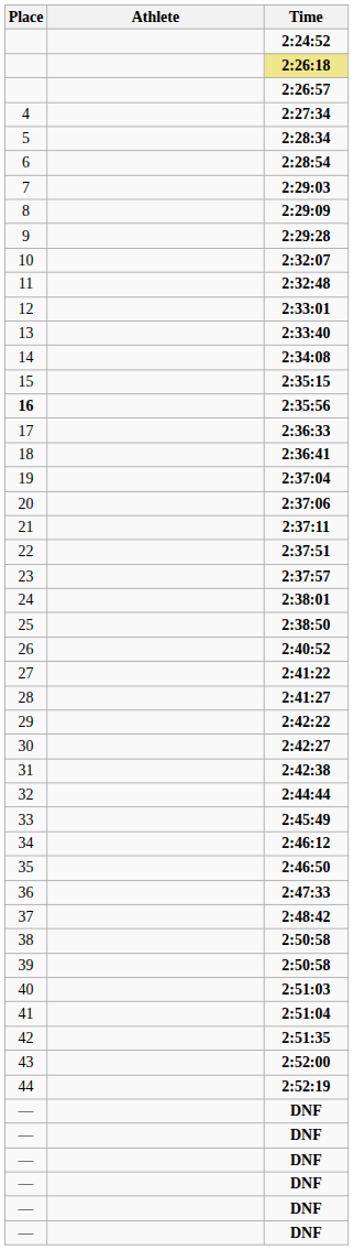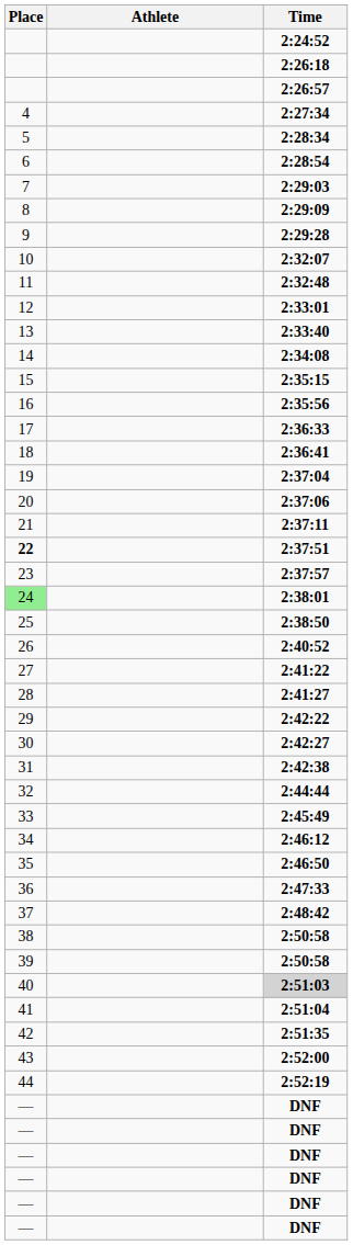 <table class=wikitable style="text-align:center">
 <tr>
 <th width=20>Place</th>
 <th width=220>Athlete</th>
 <th width=80>Time</th>
 </tr>
 <tr>
 <td align="center"></td>
 <td></td>
 <td align="center"><strong>2:24:52</strong></td>
 </tr>
 <tr>
 <td align="center"></td>
 <td></td>
-<td align="center" style="background: khaki;"><strong>2:26:18</strong></td>
+<td align="center"><strong>2:26:18</strong></td>
 </tr>
 <tr>
 <td align="center"></td>
 <td></td>
 <td align="center"><strong>2:26:57</strong></td>
 </tr>
 <tr>
 <td align="center">4</td>
 <td></td>
 <td align="center"><strong>2:27:34</strong></td>
 </tr>
 <tr>
 <td align="center">5</td>
 <td></td>
 <td align="center"><strong>2:28:34</strong></td>
 </tr>
 <tr>
 <td align="center">6</td>
 <td></td>
 <td align="center"><strong>2:28:54</strong></td>
 </tr>
 <tr>
 <td align="center">7</td>
 <td></td>
 <td align="center"><strong>2:29:03</strong></td>
 </tr>
 <tr>
 <td align="center">8</td>
 <td></td>
 <td align="center"><strong>2:29:09</strong></td>
 </tr>
 <tr>
 <td align="center">9</td>
 <td></td>
 <td align="center"><strong>2:29:28</strong></td>
 </tr>
 <tr>
 <td align="center">10</td>
 <td></td>
 <td align="center"><strong>2:32:07</strong></td>
 </tr>
 <tr>
 <td align="center">11</td>
 <td></td>
 <td align="center"><strong>2:32:48</strong></td>
 </tr>
 <tr>
 <td align="center">12</td>
 <td></td>
 <td align="center"><strong>2:33:01</strong></td>
 </tr>
 <tr>
 <td align="center">13</td>
 <td></td>
 <td align="center"><strong>2:33:40</strong></td>
 </tr>
 <tr>
 <td align="center">14</td>
 <td></td>
 <td align="center"><strong>2:34:08</strong></td>
 </tr>
 <tr>
 <td align="center">15</td>
 <td></td>
 <td align="center"><strong>2:35:15</strong></td>
 </tr>
 <tr>
-<td align="center"><strong>16</strong></td>
+<td align="center">16</td>
 <td></td>
 <td align="center"><strong>2:35:56</strong></td>
 </tr>
 <tr>
 <td align="center">17</td>
 <td></td>
 <td align="center"><strong>2:36:33</strong></td>
 </tr>
 <tr>
 <td align="center">18</td>
 <td></td>
 <td align="center"><strong>2:36:41</strong></td>
 </tr>
 <tr>
 <td align="center">19</td>
 <td></td>
 <td align="center"><strong>2:37:04</strong></td>
 </tr>
 <tr>
 <td align="center">20</td>
 <td></td>
 <td align="center"><strong>2:37:06</strong></td>
 </tr>
 <tr>
 <td align="center">21</td>
 <td></td>
 <td align="center"><strong>2:37:11</strong></td>
 </tr>
 <tr>
-<td align="center">22</td>
+<td align="center"><strong>22</strong></td>
 <td></td>
 <td align="center"><strong>2:37:51</strong></td>
 </tr>
 <tr>
 <td align="center">23</td>
 <td></td>
 <td align="center"><strong>2:37:57</strong></td>
 </tr>
 <tr>
-<td align="center">24</td>
+<td align="center" style="background: lightgreen;">24</td>
 <td></td>
 <td align="center"><strong>2:38:01</strong></td>
 </tr>
 <tr>
 <td align="center">25</td>
 <td></td>
 <td align="center"><strong>2:38:50</strong></td>
 </tr>
 <tr>
 <td align="center">26</td>
 <td></td>
 <td align="center"><strong>2:40:52</strong></td>
 </tr>
 <tr>
 <td align="center">27</td>
 <td></td>
 <td align="center"><strong>2:41:22</strong></td>
 </tr>
 <tr>
 <td align="center">28</td>
 <td></td>
 <td align="center"><strong>2:41:27</strong></td>
 </tr>
 <tr>
 <td align="center">29</td>
 <td></td>
 <td align="center"><strong>2:42:22</strong></td>
 </tr>
 <tr>
 <td align="center">30</td>
 <td></td>
 <td align="center"><strong>2:42:27</strong></td>
 </tr>
 <tr>
 <td align="center">31</td>
 <td></td>
 <td align="center"><strong>2:42:38</strong></td>
 </tr>
 <tr>
 <td align="center">32</td>
 <td></td>
 <td align="center"><strong>2:44:44</strong></td>
 </tr>
 <tr>
 <td align="center">33</td>
 <td></td>
 <td align="center"><strong>2:45:49</strong></td>
 </tr>
 <tr>
 <td align="center">34</td>
 <td></td>
 <td align="center"><strong>2:46:12</strong></td>
 </tr>
 <tr>
 <td align="center">35</td>
 <td></td>
 <td align="center"><strong>2:46:50</strong></td>
 </tr>
 <tr>
 <td align="center">36</td>
 <td></td>
 <td align="center"><strong>2:47:33</strong></td>
 </tr>
 <tr>
 <td align="center">37</td>
 <td></td>
 <td align="center"><strong>2:48:42</strong></td>
 </tr>
 <tr>
 <td align="center">38</td>
 <td></td>
 <td align="center"><strong>2:50:58</strong></td>
 </tr>
 <tr>
 <td align="center">39</td>
 <td></td>
 <td align="center"><strong>2:50:58</strong></td>
 </tr>
 <tr>
 <td align="center">40</td>
 <td></td>
-<td align="center"><strong>2:51:03</strong></td>
+<td align="center" style="background: lightgrey;"><strong>2:51:03</strong></td>
 </tr>
 <tr>
 <td align="center">41</td>
 <td></td>
 <td align="center"><strong>2:51:04</strong></td>
 </tr>
 <tr>
 <td align="center">42</td>
 <td></td>
 <td align="center"><strong>2:51:35</strong></td>
 </tr>
 <tr>
 <td align="center">43</td>
 <td></td>
 <td align="center"><strong>2:52:00</strong></td>
 </tr>
 <tr>
 <td align="center">44</td>
 <td></td>
 <td align="center"><strong>2:52:19</strong></td>
 </tr>
 <tr>
 <td align="center">—</td>
 <td></td>
 <td align="center"><strong>DNF</strong></td>
 </tr>
 <tr>
 <td align="center">—</td>
 <td></td>
 <td align="center"><strong>DNF</strong></td>
 </tr>
 <tr>
 <td align="center">—</td>
 <td></td>
 <td align="center"><strong>DNF</strong></td>
 </tr>
 <tr>
 <td align="center">—</td>
 <td></td>
 <td align="center"><strong>DNF</strong></td>
 </tr>
 <tr>
 <td align="center">—</td>
 <td></td>
 <td align="center"><strong>DNF</strong></td>
 </tr>
 <tr>
 <td align="center">—</td>
 <td></td>
 <td align="center"><strong>DNF</strong></td>
 </tr>
 </table>
